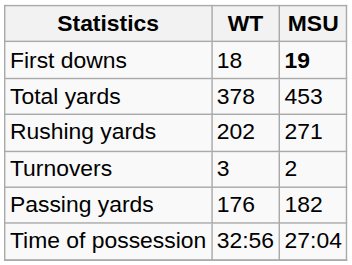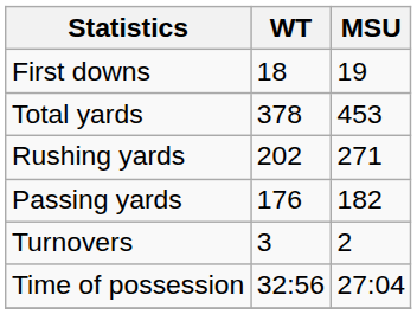 <table class="wikitable" style="float: left;">
 <tr>
 <th>Statistics</th>
 <th>WT</th>
 <th>MSU</th>
 </tr>
 <tr>
 <td>First downs</td>
 <td>18</td>
-<td><strong>19</strong></td>
+<td>19</td>
 </tr>
 <tr>
 <td>Total yards</td>
 <td>378</td>
 <td>453</td>
 </tr>
 <tr>
 <td>Rushing yards</td>
 <td>202</td>
 <td>271</td>
 </tr>
 <tr>
+<td>Passing yards</td>
+<td>176</td>
+<td>182</td>
+</tr>
+<tr>
 <td>Turnovers</td>
 <td>3</td>
 <td>2</td>
-</tr>
-<tr>
-<td>Passing yards</td>
-<td>176</td>
-<td>182</td>
 </tr>
 <tr>
 <td>Time of possession</td>
 <td>32:56</td>
 <td>27:04</td>
 </tr>
 <tr>
 </tr>
 </table>
